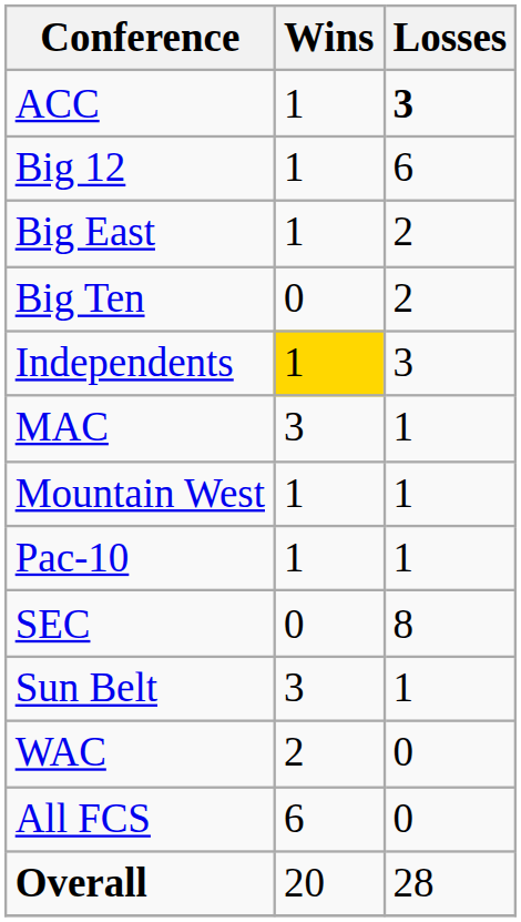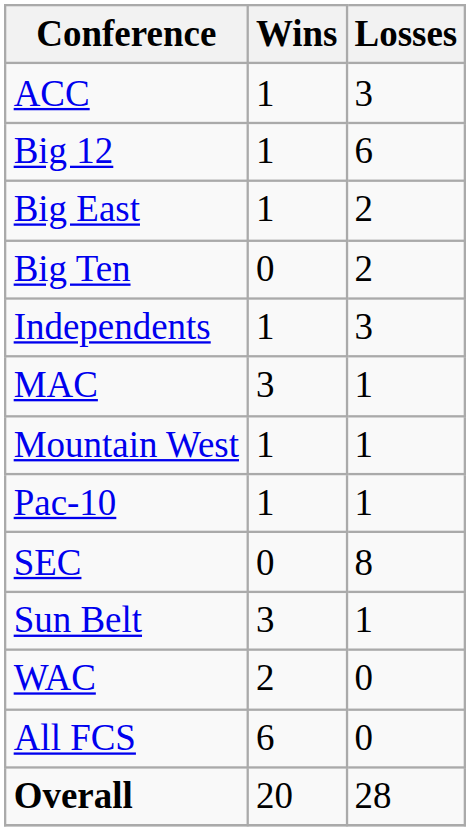 <table class="wikitable">
 <tr>
 <th>Conference</th>
 <th>Wins</th>
 <th>Losses</th>
 </tr>
 <tr>
 <td><a href='#'>ACC</a></td>
 <td>1</td>
-<td><strong>3</strong></td>
+<td>3</td>
 </tr>
 <tr>
 <td><a href='#'>Big 12</a></td>
 <td>1</td>
 <td>6</td>
 </tr>
 <tr>
 <td><a href='#'>Big East</a></td>
 <td>1</td>
 <td>2</td>
 </tr>
 <tr>
 <td><a href='#'>Big Ten</a></td>
 <td>0</td>
 <td>2</td>
 </tr>
 <tr>
 <td><a href='#'>Independents</a></td>
-<td style="background: gold;">1</td>
+<td>1</td>
 <td>3</td>
 </tr>
 <tr>
 <td><a href='#'>MAC</a></td>
 <td>3</td>
 <td>1</td>
 </tr>
 <tr>
 <td><a href='#'>Mountain West</a></td>
 <td>1</td>
 <td>1</td>
 </tr>
 <tr>
 <td><a href='#'>Pac-10</a></td>
 <td>1</td>
 <td>1</td>
 </tr>
 <tr>
 <td><a href='#'>SEC</a></td>
 <td>0</td>
 <td>8</td>
 </tr>
 <tr>
 <td><a href='#'>Sun Belt</a></td>
 <td>3</td>
 <td>1</td>
 </tr>
 <tr>
 <td><a href='#'>WAC</a></td>
 <td>2</td>
 <td>0</td>
 </tr>
 <tr>
 <td><a href='#'>All FCS</a></td>
 <td>6</td>
 <td>0</td>
 </tr>
 <tr>
 <td><strong>Overall</strong></td>
 <td>20</td>
 <td>28</td>
 </tr>
 <tr>
 </tr>
 </table>
